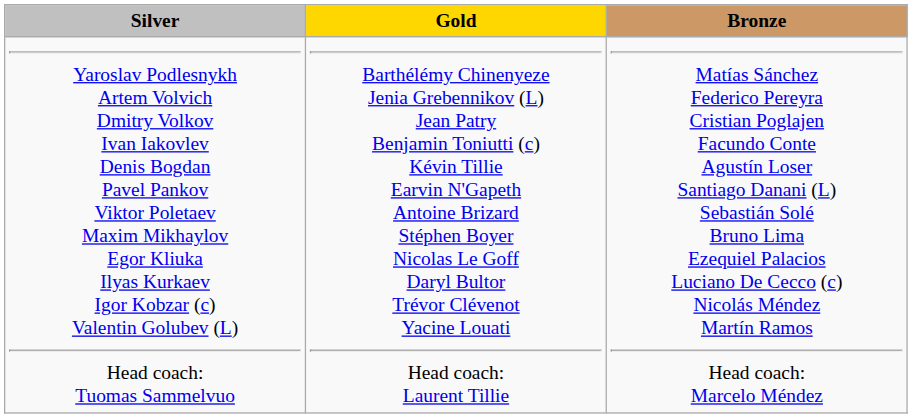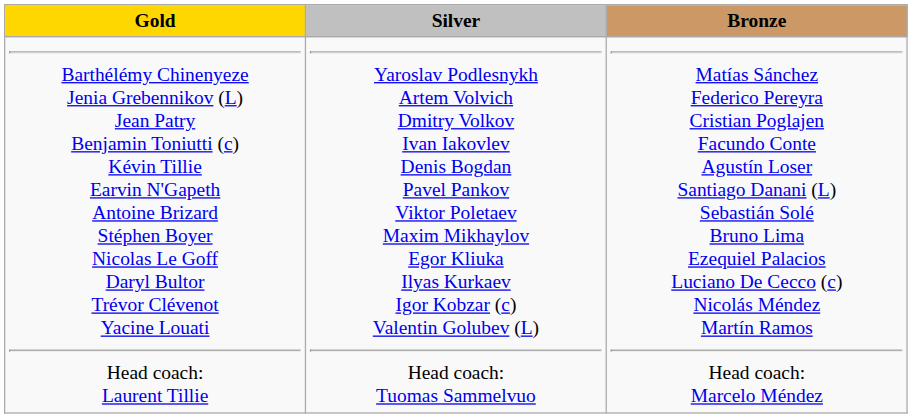 <table class="wikitable" style="text-align:center; font-size:95%">
 <tr>
+<td style="width:15em; background:gold"><strong>Gold</strong></td>
 <td style="width:15em; background:silver"><strong>Silver</strong></td>
-<td style="width:15em; background:gold"><strong>Gold</strong></td>
 <td style="width:15em; background:#cc9966"><strong>Bronze</strong></td>
 </tr>
 <tr>
+<td><hr><a href='#'>Barthélémy Chinenyeze</a><br><a href='#'>Jenia Grebennikov</a> (<a href='#'>L</a>)<br><a href='#'>Jean Patry</a><br><a href='#'>Benjamin Toniutti</a> (<a href='#'>c</a>)<br><a href='#'>Kévin Tillie</a><br><a href='#'>Earvin N'Gapeth</a><br><a href='#'>Antoine Brizard</a><br><a href='#'>Stéphen Boyer</a><br><a href='#'>Nicolas Le Goff</a><br><a href='#'>Daryl Bultor</a><br><a href='#'>Trévor Clévenot</a><br><a href='#'>Yacine Louati</a><hr>Head coach:<br><a href='#'>Laurent Tillie</a></td>
 <td><hr><a href='#'>Yaroslav Podlesnykh</a><br><a href='#'>Artem Volvich</a><br><a href='#'>Dmitry Volkov</a><br><a href='#'>Ivan Iakovlev</a><br><a href='#'>Denis Bogdan</a><br><a href='#'>Pavel Pankov</a><br><a href='#'>Viktor Poletaev</a><br><a href='#'>Maxim Mikhaylov</a><br><a href='#'>Egor Kliuka</a><br><a href='#'>Ilyas Kurkaev</a><br><a href='#'>Igor Kobzar</a> (<a href='#'>c</a>)<br><a href='#'>Valentin Golubev</a> (<a href='#'>L</a>)<hr>Head coach:<br><a href='#'>Tuomas Sammelvuo</a></td>
-<td><hr><a href='#'>Barthélémy Chinenyeze</a><br><a href='#'>Jenia Grebennikov</a> (<a href='#'>L</a>)<br><a href='#'>Jean Patry</a><br><a href='#'>Benjamin Toniutti</a> (<a href='#'>c</a>)<br><a href='#'>Kévin Tillie</a><br><a href='#'>Earvin N'Gapeth</a><br><a href='#'>Antoine Brizard</a><br><a href='#'>Stéphen Boyer</a><br><a href='#'>Nicolas Le Goff</a><br><a href='#'>Daryl Bultor</a><br><a href='#'>Trévor Clévenot</a><br><a href='#'>Yacine Louati</a><hr>Head coach:<br><a href='#'>Laurent Tillie</a></td>
 <td><hr><a href='#'>Matías Sánchez</a><br><a href='#'>Federico Pereyra</a><br><a href='#'>Cristian Poglajen</a><br><a href='#'>Facundo Conte</a><br><a href='#'>Agustín Loser</a><br><a href='#'>Santiago Danani</a> (<a href='#'>L</a>)<br><a href='#'>Sebastián Solé</a><br><a href='#'>Bruno Lima</a><br><a href='#'>Ezequiel Palacios</a><br><a href='#'>Luciano De Cecco</a> (<a href='#'>c</a>)<br><a href='#'>Nicolás Méndez</a><br><a href='#'>Martín Ramos</a><hr>Head coach:<br><a href='#'>Marcelo Méndez</a></td>
 </tr>
 </table>
